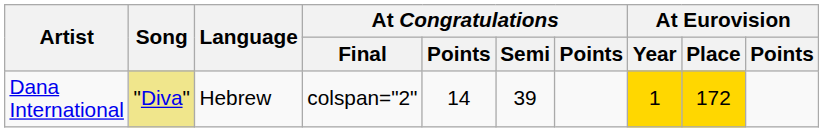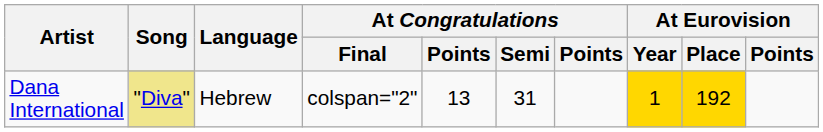 <table class="wikitable">
 <tr>
 <th rowspan="2" scope="col">Artist</th>
 <th rowspan="2" scope="col">Song</th>
 <th scope="col" rowspan="2">Language</th>
 <th scope="colgroup" colspan="4">At <em>Congratulations</em></th>
 <th scope="colgroup" colspan="3">At Eurovision</th>
 </tr>
 <tr>
 <th scope="col">Final</th>
 <th scope="col">Points</th>
 <th scope="col">Semi</th>
 <th scope="col">Points</th>
 <th scope="col">Year</th>
 <th scope="col">Place</th>
 <th scope="col">Points</th>
 </tr>
 <tr>
 <td><a href='#'>Dana International</a></td>
 <td style="background: khaki;">"<a href='#'>Diva</a>" </td>
 <td>Hebrew</td>
 <td>colspan="2" </td>
-<td style="text-align:center;">14</td>
-<td style="text-align:center;">39</td>
+<td style="text-align:center;">13</td>
+<td style="text-align:center;">31</td>
 <td style="text-align:center;"></td>
 <td style="text-align:center; background-color:#FFD700;">1</td>
-<td style="text-align:center; background-color:#FFD700;">172</td>
+<td style="text-align:center; background-color:#FFD700;">192</td>
 </tr>
 </table>
